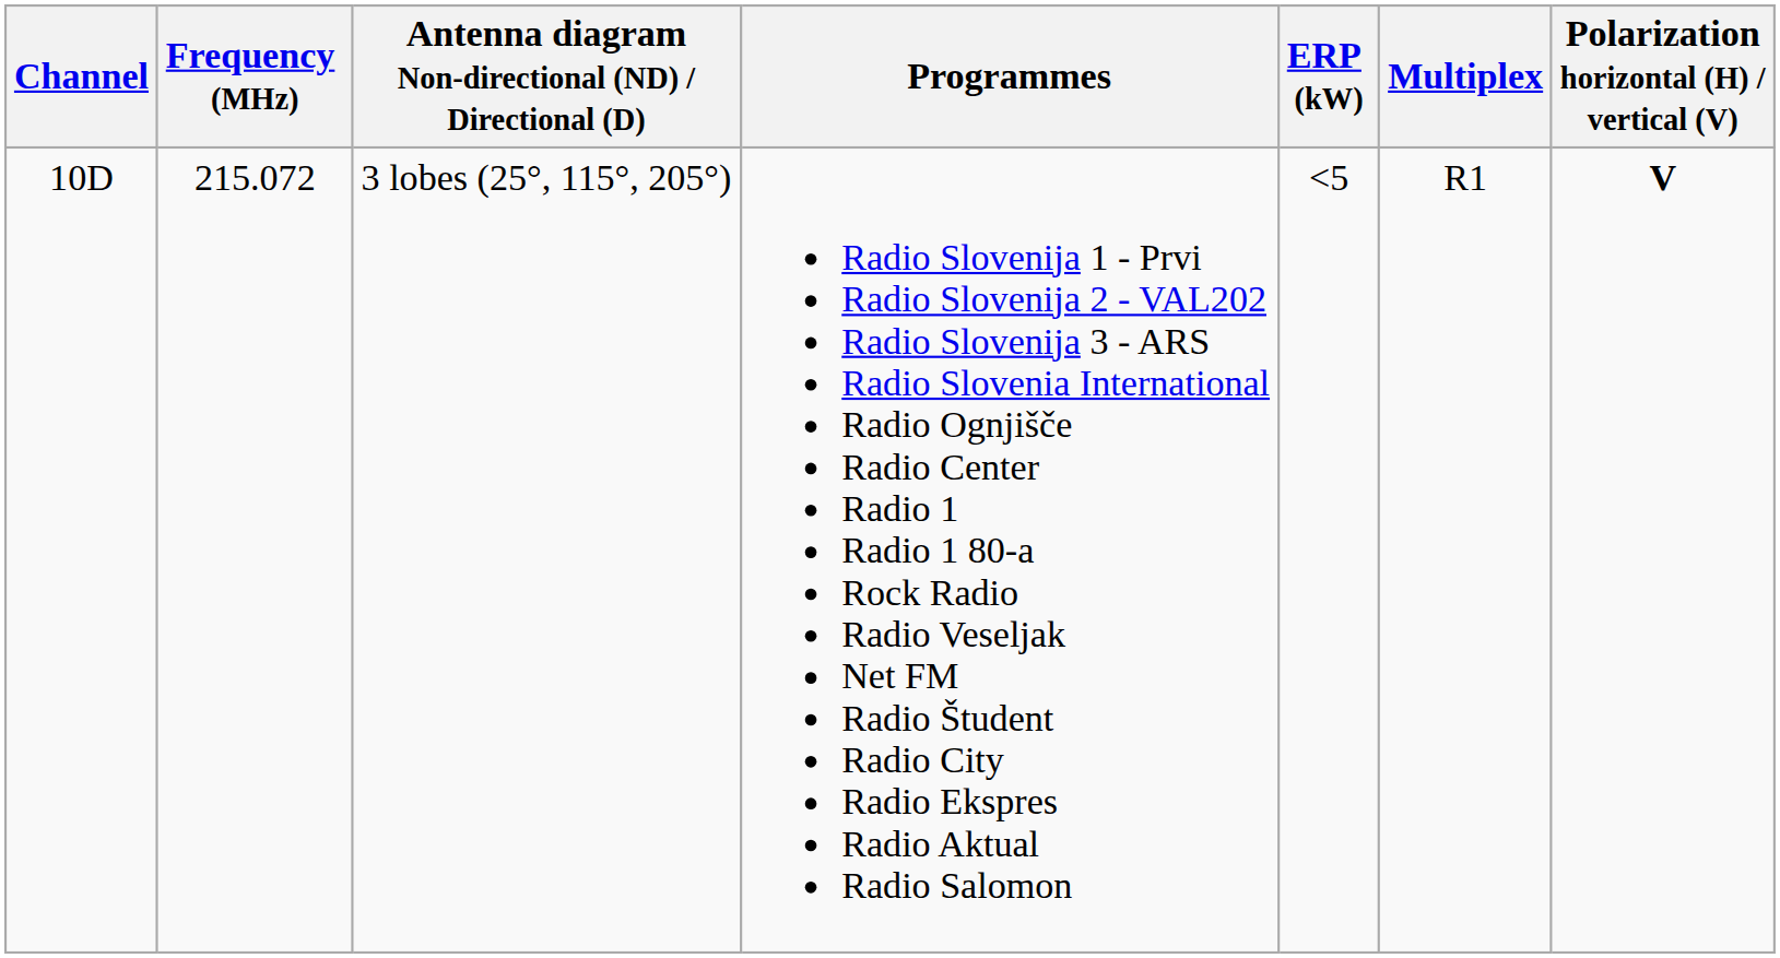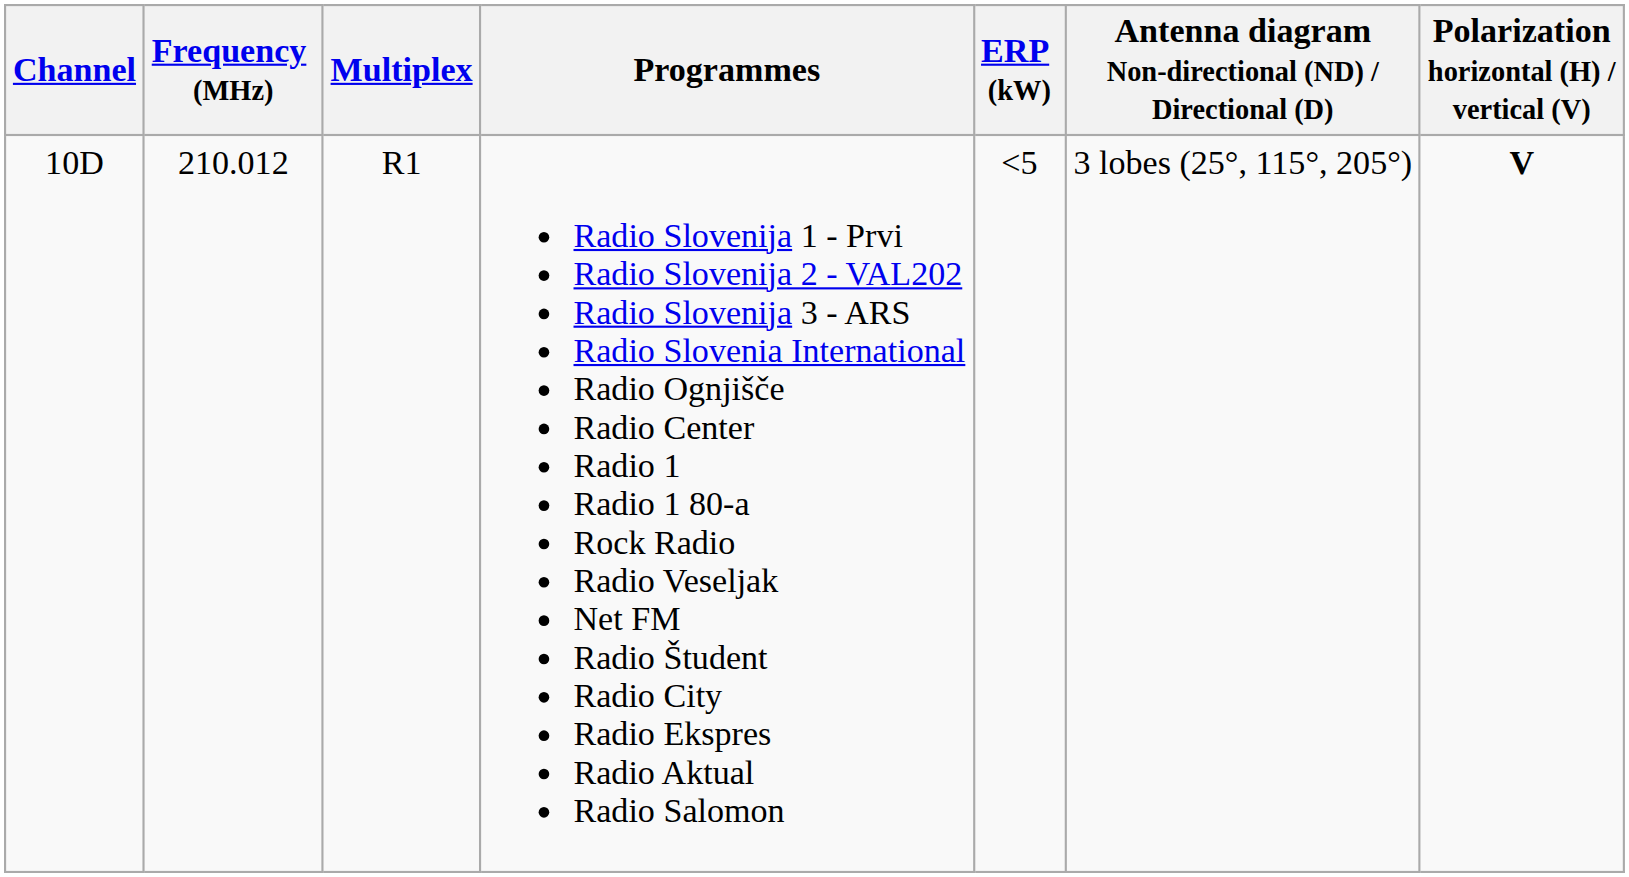 <table class="wikitable sortable">
 <tr>
 <th><a href='#'>Channel</a></th>
 <th><a href='#'>Frequency</a> <br><small>(MHz)</small></th>
-<th>Antenna diagram<br><small>Non-directional (ND) /<br>Directional (D)</small></th>
+<th><a href='#'>Multiplex</a></th>
 <th>Programmes</th>
 <th><a href='#'>ERP</a> <br><small>(kW)</small></th>
-<th><a href='#'>Multiplex</a></th>
+<th>Antenna diagram<br><small>Non-directional (ND) /<br>Directional (D)</small></th>
 <th>Polarization<br><small>horizontal (H) /<br>vertical (V)</small></th>
 </tr>
 <tr valign="top">
 <td align="center">10D</td>
-<td align="center">215.072</td>
-<td align="center">3 lobes (25°, 115°, 205°)</td>
+<td align="center">210.012</td>
+<td align="center">R1</td>
 <td><br><ul><li><a href='#'>Radio Slovenija</a> 1 - Prvi</li><li><a href='#'>Radio Slovenija 2 - VAL202</a></li><li><a href='#'>Radio Slovenija</a> 3 - ARS</li><li><a href='#'>Radio Slovenia International</a></li><li>Radio Ognjišče</li><li>Radio Center</li><li>Radio 1</li><li>Radio 1 80-a</li><li>Rock Radio</li><li>Radio Veseljak</li><li>Net FM</li><li>Radio Študent</li><li>Radio City</li><li>Radio Ekspres</li><li>Radio Aktual</li><li>Radio Salomon</li></ul></td>
 <td align="center"><5</td>
-<td align="center">R1</td>
+<td align="center">3 lobes (25°, 115°, 205°)</td>
 <td align="center"><strong>V</strong></td>
 </tr>
 </table>
